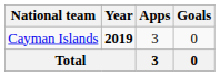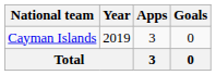 <table class="wikitable" style="text-align:center">
 <tr>
 <th>National team</th>
 <th>Year</th>
 <th>Apps</th>
 <th>Goals</th>
 </tr>
 <tr>
 <td rowspan="1"><a href='#'>Cayman Islands</a></td>
-<td><strong>2019</strong></td>
+<td>2019</td>
 <td>3</td>
 <td>0</td>
 </tr>
 <tr>
 <th colspan=2>Total</th>
 <th>3</th>
 <th>0</th>
 </tr>
 </table>
